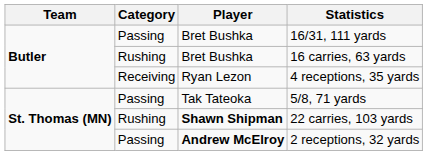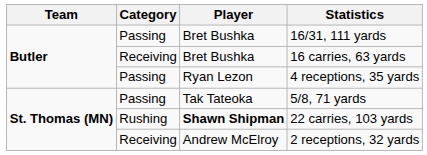 <table class="wikitable" style="float: right;">
 <tr>
 <th>Team</th>
 <th>Category</th>
 <th>Player</th>
 <th>Statistics</th>
 </tr>
 <tr>
 <td rowspan=3><strong>Butler</strong></td>
 <td>Passing</td>
 <td>Bret Bushka</td>
 <td>16/31, 111 yards</td>
 </tr>
 <tr>
-<td>Rushing</td>
+<td>Receiving</td>
 <td>Bret Bushka</td>
 <td>16 carries, 63 yards</td>
 </tr>
 <tr>
-<td>Receiving</td>
+<td>Passing</td>
 <td>Ryan Lezon</td>
 <td>4 receptions, 35 yards</td>
 </tr>
 <tr>
 <td rowspan=3><strong>St. Thomas (MN)</strong></td>
 <td>Passing</td>
 <td>Tak Tateoka</td>
 <td>5/8, 71 yards</td>
 </tr>
 <tr>
 <td>Rushing</td>
 <td><strong>Shawn Shipman</strong></td>
 <td>22 carries, 103 yards</td>
 </tr>
 <tr>
-<td>Passing</td>
-<td><strong>Andrew McElroy</strong></td>
+<td>Receiving</td>
+<td>Andrew McElroy</td>
 <td>2 receptions, 32 yards</td>
 </tr>
 </table>
